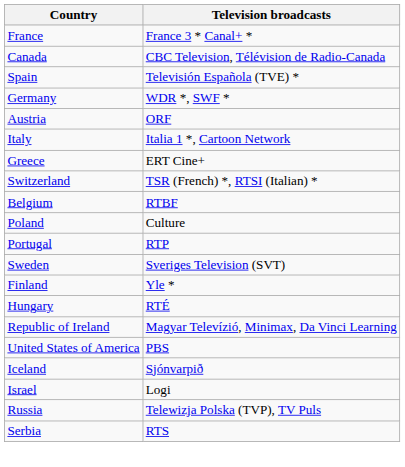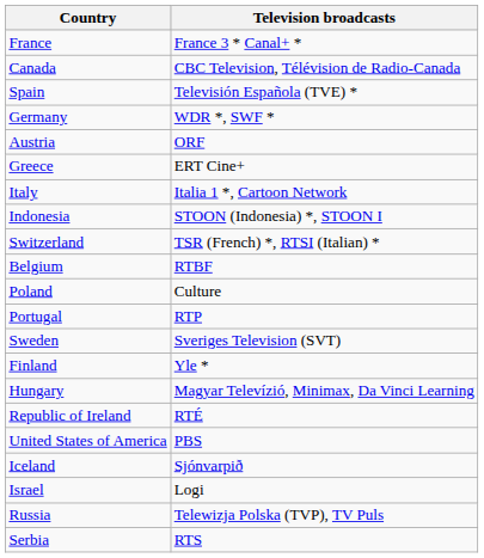 <table class="wikitable">
 <tr bgcolor="#CCCCCC">
 <th>Country</th>
 <th>Television broadcasts</th>
 </tr>
 <tr>
 <td> <a href='#'>France</a></td>
 <td><a href='#'>France 3</a> * <a href='#'>Canal+</a> *</td>
 </tr>
 <tr>
 <td> <a href='#'>Canada</a></td>
 <td><a href='#'>CBC Television</a>, <a href='#'>Télévision de Radio-Canada</a></td>
 </tr>
 <tr>
 <td> <a href='#'>Spain</a></td>
 <td><a href='#'>Televisión Española</a> (TVE) *</td>
 </tr>
 <tr>
 <td> <a href='#'>Germany</a></td>
 <td><a href='#'>WDR</a> *, <a href='#'>SWF</a> *</td>
 </tr>
 <tr>
 <td> <a href='#'>Austria</a></td>
 <td><a href='#'>ORF</a></td>
 </tr>
 <tr>
+<td> <a href='#'>Greece</a></td>
+<td>ERT Cine+</td>
+</tr>
+<tr>
 <td> <a href='#'>Italy</a></td>
 <td><a href='#'>Italia 1</a> *, <a href='#'>Cartoon Network</a></td>
 </tr>
 <tr>
-<td> <a href='#'>Greece</a></td>
-<td>ERT Cine+</td>
+<td> <a href='#'>Indonesia</a></td>
+<td><a href='#'>STOON</a> (Indonesia) *, <a href='#'>STOON I</a></td>
 </tr>
 <tr>
 <td> <a href='#'>Switzerland</a></td>
 <td><a href='#'>TSR</a> (French) *, <a href='#'>RTSI</a> (Italian) *</td>
 </tr>
 <tr>
 <td> <a href='#'>Belgium</a></td>
 <td><a href='#'>RTBF</a></td>
 </tr>
 <tr>
 <td> <a href='#'>Poland</a></td>
 <td>Culture</td>
 </tr>
 <tr>
 <td> <a href='#'>Portugal</a></td>
 <td><a href='#'>RTP</a></td>
 </tr>
 <tr>
 <td> <a href='#'>Sweden</a></td>
 <td><a href='#'>Sveriges Television</a> (SVT)</td>
 </tr>
 <tr>
 <td> <a href='#'>Finland</a></td>
 <td><a href='#'>Yle</a> *</td>
 </tr>
 <tr>
 <td> <a href='#'>Hungary</a></td>
-<td><a href='#'>RTÉ</a></td>
+<td><a href='#'>Magyar Televízió</a>, <a href='#'>Minimax</a>, <a href='#'>Da Vinci Learning</a></td>
 </tr>
 <tr>
 <td> <a href='#'>Republic of Ireland</a></td>
-<td><a href='#'>Magyar Televízió</a>, <a href='#'>Minimax</a>, <a href='#'>Da Vinci Learning</a></td>
+<td><a href='#'>RTÉ</a></td>
 </tr>
 <tr>
 <td> <a href='#'>United States of America</a></td>
 <td><a href='#'>PBS</a></td>
 </tr>
 <tr>
 <td> <a href='#'>Iceland</a></td>
 <td><a href='#'>Sjónvarpið</a></td>
 </tr>
 <tr>
 <td> <a href='#'>Israel</a></td>
 <td>Logi</td>
 </tr>
 <tr>
 <td> <a href='#'>Russia</a></td>
 <td><a href='#'>Telewizja Polska</a> (TVP), <a href='#'>TV Puls</a></td>
 </tr>
 <tr>
 <td> <a href='#'>Serbia</a></td>
 <td><a href='#'>RTS</a></td>
 </tr>
 </table>
